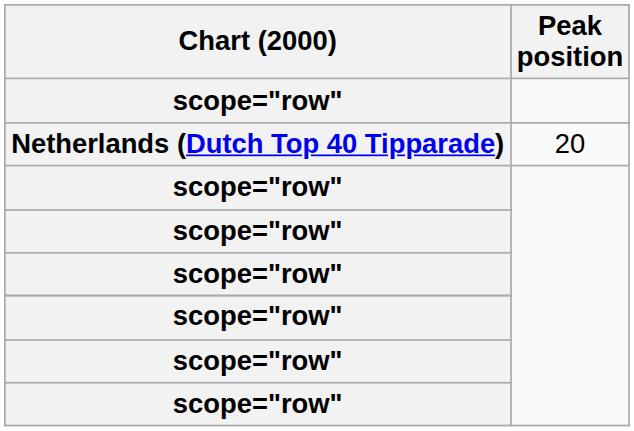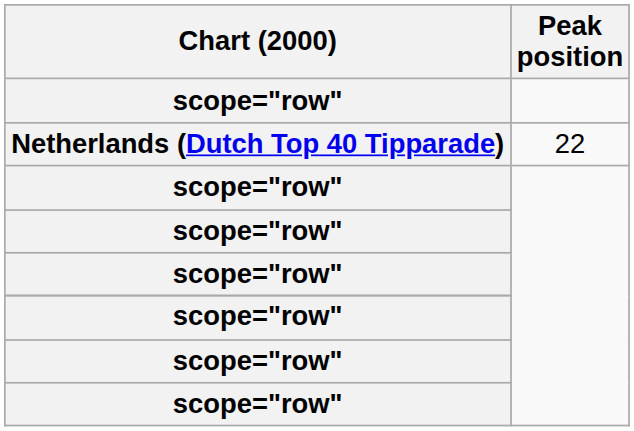 <table class="wikitable sortable plainrowheaders" style="text-align:center;">
 <tr>
 <th scope="col">Chart (2000)</th>
 <th scope="col">Peak<br>position</th>
 </tr>
 <tr>
 <th>scope="row"</th>
 </tr>
 <tr>
 <th scope="row">Netherlands (<a href='#'>Dutch Top 40 Tipparade</a>)</th>
-<td>20</td>
+<td>22</td>
 </tr>
 <tr>
 <th>scope="row"</th>
 </tr>
 <tr>
 <th>scope="row"</th>
 </tr>
 <tr>
 <th>scope="row"</th>
 </tr>
 <tr>
 </tr>
 <tr>
 <th>scope="row"</th>
 </tr>
 <tr>
 <th>scope="row"</th>
 </tr>
 <tr>
 <th>scope="row"</th>
 </tr>
 </table>
